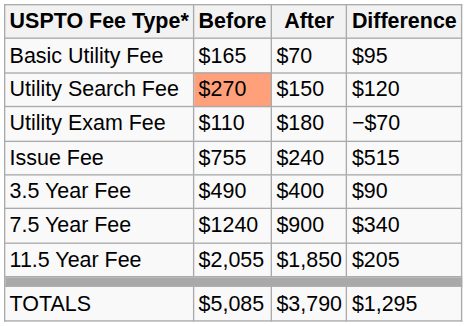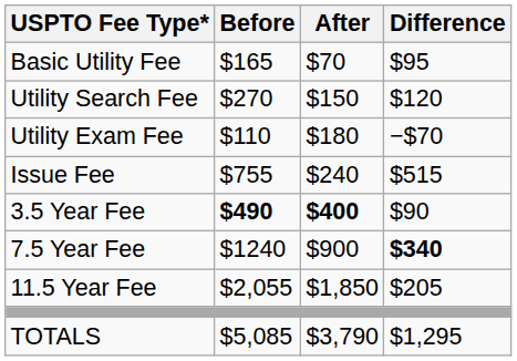 <table class="wikitable">
 <tr>
 <th>USPTO Fee Type*</th>
 <th>Before</th>
 <th>After</th>
 <th>Difference</th>
 </tr>
 <tr>
 <td>Basic Utility Fee</td>
 <td>$165</td>
 <td>$70</td>
 <td>$95</td>
 </tr>
 <tr>
 <td>Utility Search Fee</td>
-<td style="background: lightsalmon;">$270</td>
+<td>$270</td>
 <td>$150</td>
 <td>$120</td>
 </tr>
 <tr>
 <td>Utility Exam Fee</td>
 <td>$110</td>
 <td>$180</td>
 <td>−$70</td>
 </tr>
 <tr>
 <td>Issue Fee</td>
 <td>$755</td>
 <td>$240</td>
 <td>$515</td>
 </tr>
 <tr>
 <td>3.5 Year Fee</td>
-<td>$490</td>
-<td>$400</td>
+<td><strong>$490</strong></td>
+<td><strong>$400</strong></td>
 <td>$90</td>
 </tr>
 <tr>
 <td>7.5 Year Fee</td>
 <td>$1240</td>
 <td>$900</td>
-<td>$340</td>
+<td><strong>$340</strong></td>
 </tr>
 <tr>
 <td>11.5 Year Fee</td>
 <td>$2,055</td>
 <td>$1,850</td>
 <td>$205</td>
 </tr>
 <tr>
 <td colspan=4 style="background:darkgrey"></td>
 </tr>
 <tr>
 <td>TOTALS</td>
 <td>$5,085</td>
 <td>$3,790</td>
 <td>$1,295</td>
 </tr>
 </table>
